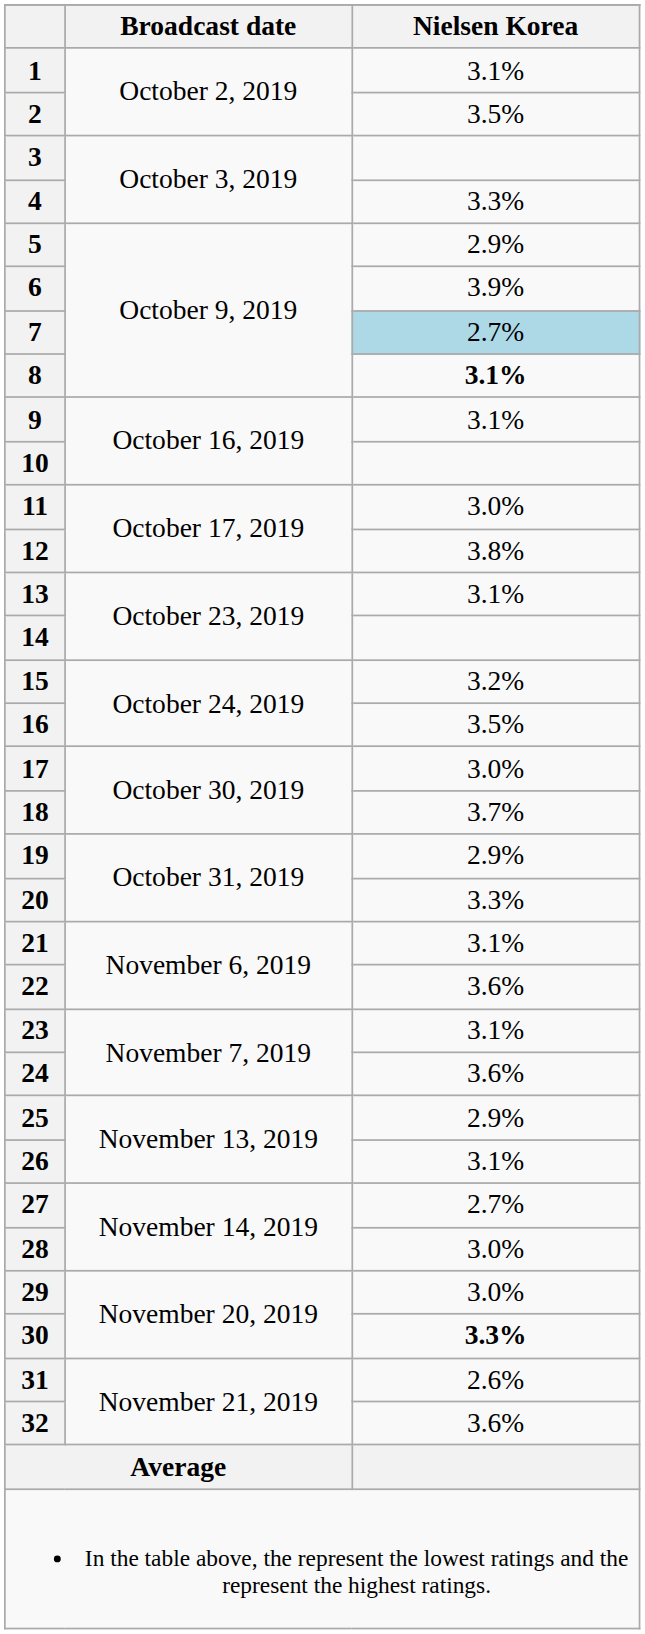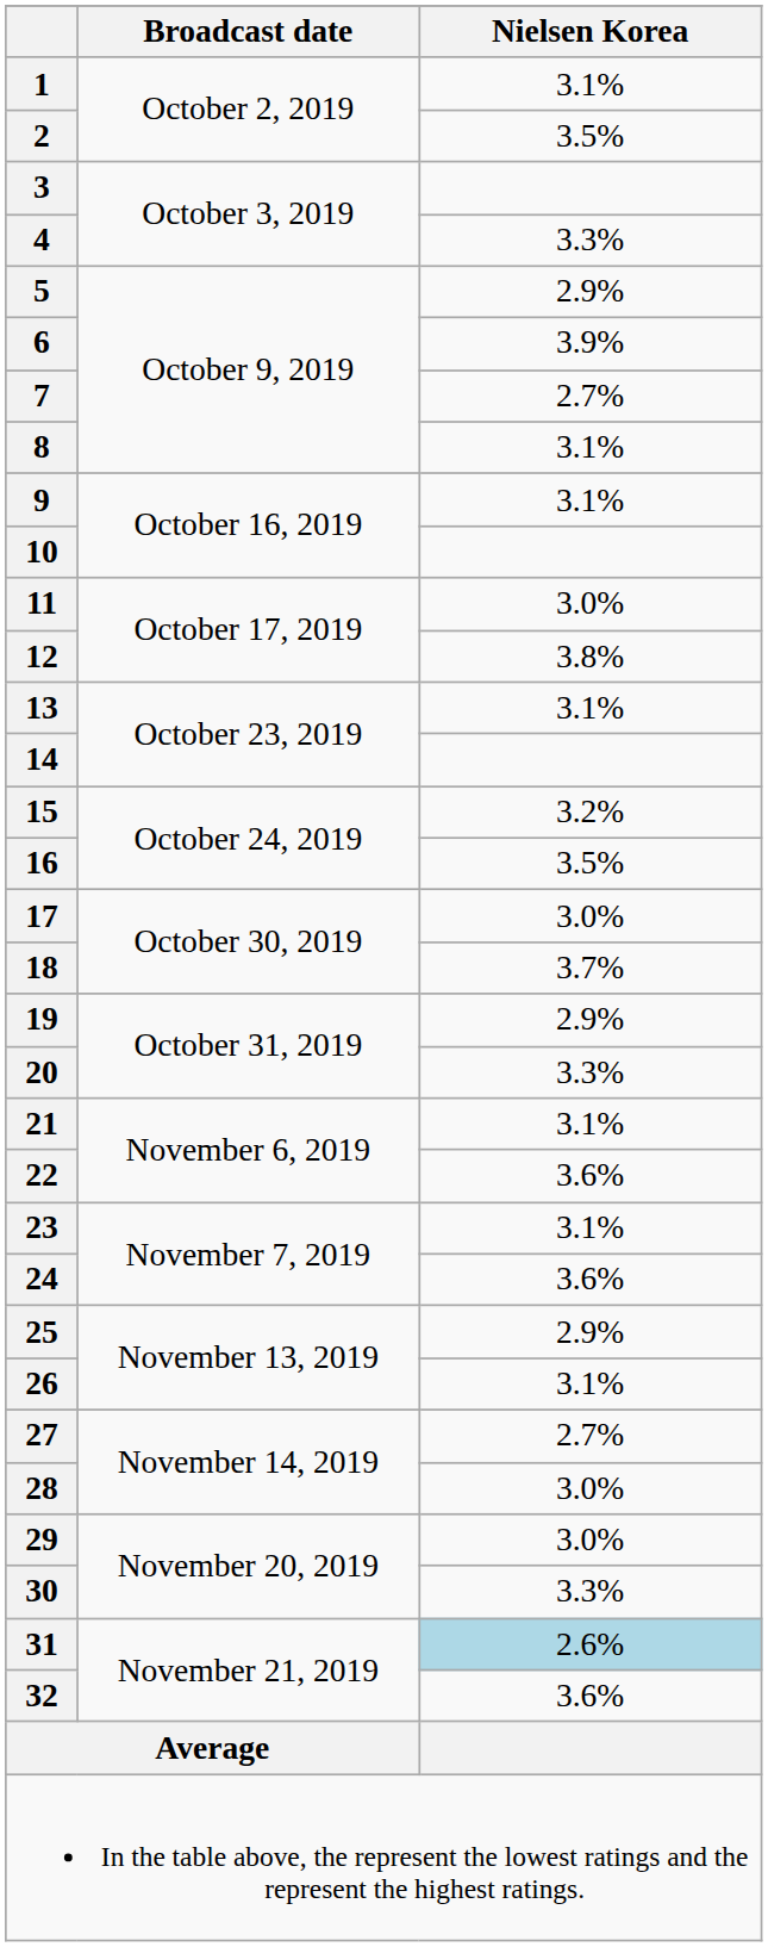 <table class="wikitable" style="text-align:center; width:370px">
 <tr>
 </tr>
 <tr>
 <th></th>
 <th>Broadcast date</th>
 <th scope="col" style="width:10em">Nielsen Korea</th>
 </tr>
 <tr>
 <th>1</th>
 <td rowspan="2">October 2, 2019</td>
 <td>3.1% </td>
 </tr>
 <tr>
 <th>2</th>
 <td>3.5% </td>
 </tr>
 <tr>
 <th>3</th>
 <td rowspan="2">October 3, 2019</td>
 <td> </td>
 </tr>
 <tr>
 <th>4</th>
 <td>3.3% </td>
 </tr>
 <tr>
 <th>5</th>
 <td rowspan="4">October 9, 2019</td>
 <td>2.9% </td>
 </tr>
 <tr>
 <th>6</th>
 <td>3.9% </td>
 </tr>
 <tr>
 <th>7</th>
-<td style="background: lightblue;">2.7% </td>
+<td>2.7% </td>
 </tr>
 <tr>
 <th>8</th>
-<td><strong>3.1% </strong></td>
+<td>3.1% </td>
 </tr>
 <tr>
 <th>9</th>
 <td rowspan="2">October 16, 2019</td>
 <td>3.1% </td>
 </tr>
 <tr>
 <th>10</th>
 <td> </td>
 </tr>
 <tr>
 <th>11</th>
 <td rowspan="2">October 17, 2019</td>
 <td>3.0% </td>
 </tr>
 <tr>
 <th>12</th>
 <td>3.8% </td>
 </tr>
 <tr>
 <th>13</th>
 <td rowspan="2">October 23, 2019</td>
 <td>3.1% </td>
 </tr>
 <tr>
 <th>14</th>
 <td> </td>
 </tr>
 <tr>
 <th>15</th>
 <td rowspan="2">October 24, 2019</td>
 <td>3.2% </td>
 </tr>
 <tr>
 <th>16</th>
 <td>3.5% </td>
 </tr>
 <tr>
 <th>17</th>
 <td rowspan="2">October 30, 2019</td>
 <td>3.0% </td>
 </tr>
 <tr>
 <th>18</th>
 <td>3.7% </td>
 </tr>
 <tr>
 <th>19</th>
 <td rowspan="2">October 31, 2019</td>
 <td>2.9% </td>
 </tr>
 <tr>
 <th>20</th>
 <td>3.3% </td>
 </tr>
 <tr>
 <th>21</th>
 <td rowspan="2">November 6, 2019</td>
 <td>3.1% </td>
 </tr>
 <tr>
 <th>22</th>
 <td>3.6% </td>
 </tr>
 <tr>
 <th>23</th>
 <td rowspan="2">November 7, 2019</td>
 <td>3.1% </td>
 </tr>
 <tr>
 <th>24</th>
 <td>3.6% </td>
 </tr>
 <tr>
 <th>25</th>
 <td rowspan="2">November 13, 2019</td>
 <td>2.9% </td>
 </tr>
 <tr>
 <th>26</th>
 <td>3.1% </td>
 </tr>
 <tr>
 <th>27</th>
 <td rowspan="2">November 14, 2019</td>
 <td>2.7% </td>
 </tr>
 <tr>
 <th>28</th>
 <td>3.0% </td>
 </tr>
 <tr>
 <th>29</th>
 <td rowspan="2">November 20, 2019</td>
 <td>3.0% </td>
 </tr>
 <tr>
 <th>30</th>
-<td><strong>3.3% </strong></td>
+<td>3.3% </td>
 </tr>
 <tr>
 <th>31</th>
 <td rowspan="2">November 21, 2019</td>
-<td>2.6% </td>
+<td style="background: lightblue;">2.6% </td>
 </tr>
 <tr>
 <th>32</th>
 <td>3.6% </td>
 </tr>
 <tr>
 <th colspan="2">Average</th>
 <th></th>
 </tr>
 <tr>
 <td colspan="3" style="font-size:85%"><br><ul><li>In the table above, the <strong></strong> represent the lowest ratings and the <strong></strong> represent the highest ratings.</li></ul></td>
 </tr>
 </table>
